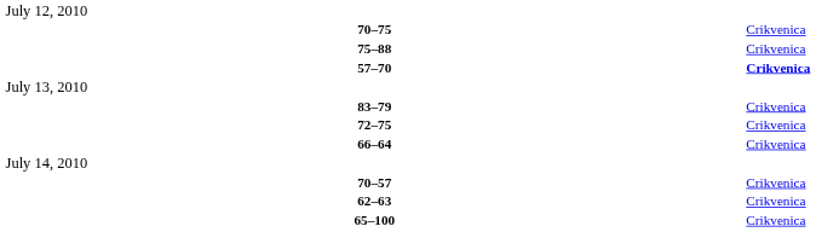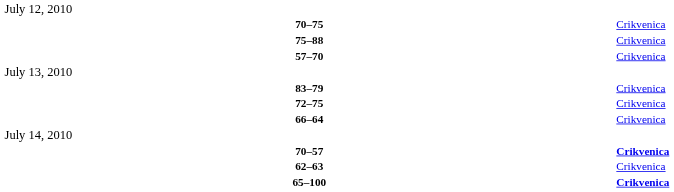 <table style="width:100%;" cellspacing="1">
 <tr>
 <th width=25%></th>
 <th width=3%></th>
 <th width=6%></th>
 <th width=3%></th>
 <th width=25%></th>
 </tr>
 <tr>
 <td>July 12, 2010</td>
 </tr>
 <tr style=font-size:90%>
 <td align=right><strong></strong></td>
 <td></td>
 <td align=center><strong>70–75</strong></td>
 <td></td>
 <td><strong></strong></td>
 <td><a href='#'>Crikvenica</a></td>
 </tr>
 <tr style=font-size:90%>
 <td align=right><strong></strong></td>
 <td></td>
 <td align=center><strong>75–88</strong></td>
 <td></td>
 <td><strong></strong></td>
 <td><a href='#'>Crikvenica</a></td>
 </tr>
 <tr style=font-size:90%>
 <td align=right><strong></strong></td>
 <td></td>
 <td align=center><strong>57–70</strong></td>
 <td></td>
 <td><strong></strong></td>
-<td><strong><a href='#'>Crikvenica</a></strong></td>
+<td><a href='#'>Crikvenica</a></td>
 </tr>
 <tr>
 <td>July 13, 2010</td>
 </tr>
 <tr style=font-size:90%>
 <td align=right><strong></strong></td>
 <td></td>
 <td align=center><strong>83–79</strong></td>
 <td></td>
 <td><strong></strong></td>
 <td><a href='#'>Crikvenica</a></td>
 </tr>
 <tr style=font-size:90%>
 <td align=right><strong></strong></td>
 <td></td>
 <td align=center><strong>72–75</strong></td>
 <td></td>
 <td><strong></strong></td>
 <td><a href='#'>Crikvenica</a></td>
 </tr>
 <tr style=font-size:90%>
 <td align=right><strong></strong></td>
 <td></td>
 <td align=center><strong>66–64</strong></td>
 <td></td>
 <td><strong></strong></td>
 <td><a href='#'>Crikvenica</a></td>
 </tr>
 <tr>
 <td>July 14, 2010</td>
 </tr>
 <tr style=font-size:90%>
 <td align=right><strong></strong></td>
 <td></td>
 <td align=center><strong>70–57</strong></td>
 <td></td>
 <td><strong></strong></td>
-<td><a href='#'>Crikvenica</a></td>
+<td><strong><a href='#'>Crikvenica</a></strong></td>
 </tr>
 <tr style=font-size:90%>
 <td align=right><strong></strong></td>
 <td></td>
 <td align=center><strong>62–63</strong></td>
 <td></td>
 <td><strong></strong></td>
 <td><a href='#'>Crikvenica</a></td>
 </tr>
 <tr style=font-size:90%>
 <td align=right><strong></strong></td>
 <td></td>
 <td align=center><strong>65–100</strong></td>
 <td></td>
 <td><strong></strong></td>
-<td><a href='#'>Crikvenica</a></td>
+<td><strong><a href='#'>Crikvenica</a></strong></td>
 </tr>
 </table>
